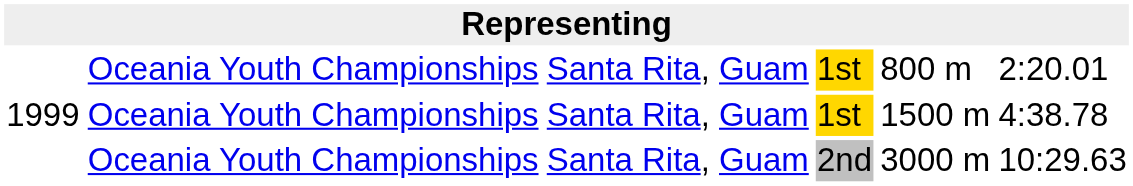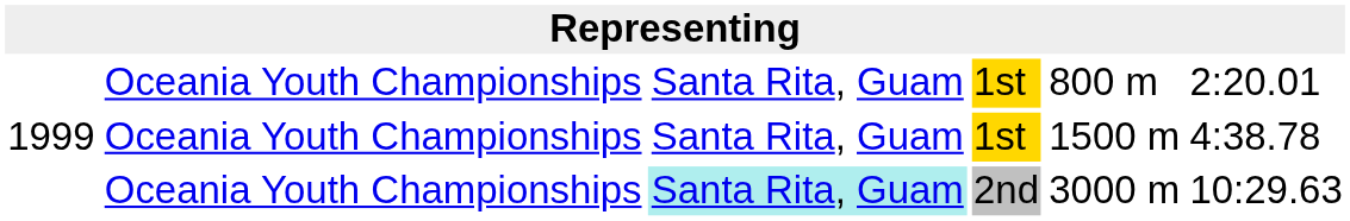 <table>
 <tr>
 <th bgcolor="#eeeeee" colspan="6">Representing </th>
 </tr>
 <tr>
 <td rowspan=3>1999</td>
 <td><a href='#'>Oceania Youth Championships</a></td>
 <td><a href='#'>Santa Rita</a>, <a href='#'>Guam</a></td>
 <td bgcolor=gold>1st</td>
 <td>800 m</td>
 <td>2:20.01</td>
 </tr>
 <tr>
 <td><a href='#'>Oceania Youth Championships</a></td>
 <td><a href='#'>Santa Rita</a>, <a href='#'>Guam</a></td>
 <td bgcolor=gold>1st</td>
 <td>1500 m</td>
 <td>4:38.78</td>
 </tr>
 <tr>
 <td><a href='#'>Oceania Youth Championships</a></td>
-<td><a href='#'>Santa Rita</a>, <a href='#'>Guam</a></td>
+<td style="background: paleturquoise;"><a href='#'>Santa Rita</a>, <a href='#'>Guam</a></td>
 <td bgcolor=silver>2nd</td>
 <td>3000 m</td>
 <td>10:29.63</td>
 </tr>
 </table>
